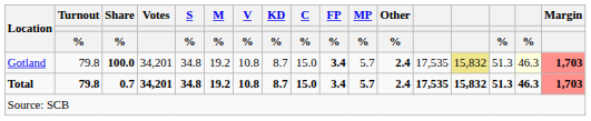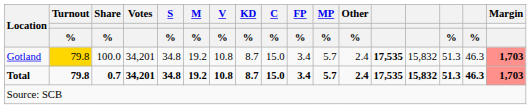 <table class="wikitable sortable" style="text-align:right; font-size:95%; line-height:20px;">
 <tr>
 <th rowspan="3">Location</th>
 <th>Turnout</th>
 <th>Share</th>
 <th>Votes</th>
 <th width="30px" class="unsortable"><a href='#'>S</a></th>
 <th width="30px" class="unsortable"><a href='#'>M</a></th>
 <th width="30px" class="unsortable"><a href='#'>V</a></th>
 <th width="30px" class="unsortable"><a href='#'>KD</a></th>
 <th width="30px" class="unsortable"><a href='#'>C</a></th>
 <th width="30px" class="unsortable"><a href='#'>FP</a></th>
 <th width="30px" class="unsortable"><a href='#'>MP</a></th>
 <th width="30px" class="unsortable">Other</th>
 <th></th>
 <th></th>
 <th></th>
 <th></th>
 <th>Margin</th>
 </tr>
 <tr>
 <th></th>
 <th></th>
 <th></th>
 <th style="background:"></th>
 <th style="background:"></th>
 <th style="background:"></th>
 <th style="background:"></th>
 <th style="background:"></th>
 <th style="background:"></th>
 <th style="background:"></th>
 <th style="background:"></th>
 <th style="background:"></th>
 <th style="background:"></th>
 <th style="background:"></th>
 <th style="background:"></th>
 </tr>
 <tr>
 <th data-sort-type="number">%</th>
 <th data-sort-type="number">%</th>
 <th></th>
 <th data-sort-type="number">%</th>
 <th data-sort-type="number">%</th>
 <th data-sort-type="number">%</th>
 <th data-sort-type="number">%</th>
 <th data-sort-type="number">%</th>
 <th data-sort-type="number">%</th>
 <th data-sort-type="number">%</th>
 <th data-sort-type="number">%</th>
 <th data-sort-type="number"></th>
 <th data-sort-type="number"></th>
 <th data-sort-type="number">%</th>
 <th data-sort-type="number">%</th>
 <th data-sort-type="number"></th>
 </tr>
 <tr>
 <td align=left><a href='#'>Gotland</a></td>
-<td>79.8</td>
-<td><strong>100.0</strong></td>
+<td style="background: gold;">79.8</td>
+<td>100.0</td>
 <td>34,201</td>
 <td>34.8</td>
 <td>19.2</td>
 <td>10.8</td>
 <td>8.7</td>
 <td>15.0</td>
-<td><strong>3.4</strong></td>
+<td>3.4</td>
 <td>5.7</td>
-<td><strong>2.4</strong></td>
-<td>17,535</td>
-<td style="background: khaki;">15,832</td>
+<td>2.4</td>
+<td><strong>17,535</strong></td>
+<td>15,832</td>
 <td>51.3</td>
-<td style="background: lightyellow;">46.3</td>
+<td>46.3</td>
 <td bgcolor=#ff908c><strong>1,703</strong></td>
 </tr>
 <tr>
 <td align=left><strong>Total</strong></td>
 <td><strong>79.8</strong></td>
 <td><strong>0.7</strong></td>
 <td><strong>34,201</strong></td>
 <td><strong>34.8</strong></td>
 <td><strong>19.2</strong></td>
 <td><strong>10.8</strong></td>
 <td><strong>8.7</strong></td>
 <td><strong>15.0</strong></td>
 <td><strong>3.4</strong></td>
 <td><strong>5.7</strong></td>
 <td><strong>2.4</strong></td>
 <td><strong>17,535</strong></td>
 <td><strong>15,832</strong></td>
 <td><strong>51.3</strong></td>
 <td><strong>46.3</strong></td>
 <td bgcolor=#ff908c><strong>1,703</strong></td>
 </tr>
 <tr>
 <td align=left colspan=17>Source: SCB </td>
 </tr>
 </table>
